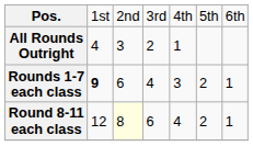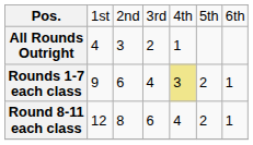 <table class="wikitable" style="font-size: 85%">
 <tr style="background:#f9f9f9" valign="top">
 <th>Pos.</th>
 <td>1st</td>
 <td>2nd</td>
 <td>3rd</td>
 <td>4th</td>
 <td>5th</td>
 <td>6th</td>
 </tr>
 <tr>
 <th>All Rounds<br>Outright</th>
 <td>4</td>
 <td>3</td>
 <td>2</td>
 <td>1</td>
 <td></td>
 <td></td>
 </tr>
 <tr>
 <th>Rounds 1-7<br>each class</th>
-<td><strong>9</strong></td>
+<td>9</td>
 <td>6</td>
 <td>4</td>
-<td>3</td>
+<td style="background: khaki;">3</td>
 <td>2</td>
 <td>1</td>
 </tr>
 <tr>
 <th>Round 8-11<br>each class</th>
 <td>12</td>
-<td style="background: lightyellow;">8</td>
+<td>8</td>
 <td>6</td>
 <td>4</td>
 <td>2</td>
 <td>1</td>
 </tr>
 <tr>
 </tr>
 </table>
